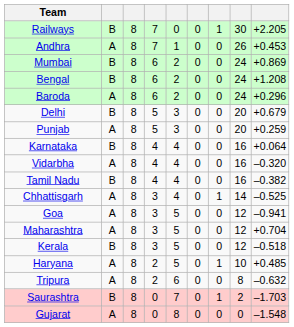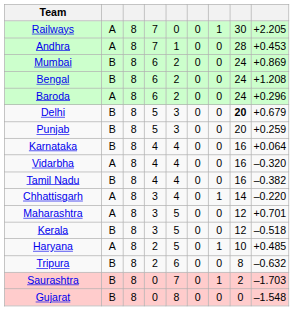 <table class="wikitable" style="text-align:center">
 <tr>
 <th style="width:140px;">Team</th>
 <th style="width:25px;"></th>
 <th style="width:25px;"></th>
 <th style="width:25px;"></th>
 <th style="width:25px;"></th>
 <th style="width:25px;"></th>
 <th style="width:25px;"></th>
 <th style="width:25px;"></th>
 <th style="width:40px;"></th>
 </tr>
 <tr style="background:#cfc;">
 <td><a href='#'>Railways</a></td>
-<td>B</td>
+<td>A</td>
 <td>8</td>
 <td>7</td>
 <td>0</td>
 <td>0</td>
 <td>1</td>
 <td>30</td>
 <td>+2.205</td>
 </tr>
 <tr style="background:#cfc;">
 <td><a href='#'>Andhra</a></td>
 <td>A</td>
 <td>8</td>
 <td>7</td>
 <td>1</td>
 <td>0</td>
 <td>0</td>
-<td>26</td>
+<td>28</td>
 <td>+0.453</td>
 </tr>
 <tr style="background:#cfc;">
 <td><a href='#'>Mumbai</a></td>
 <td>B</td>
 <td>8</td>
 <td>6</td>
 <td>2</td>
 <td>0</td>
 <td>0</td>
 <td>24</td>
 <td>+0.869</td>
 </tr>
 <tr style="background:#cfc;">
 <td><a href='#'>Bengal</a></td>
 <td>B</td>
 <td>8</td>
 <td>6</td>
 <td>2</td>
 <td>0</td>
 <td>0</td>
 <td>24</td>
 <td>+1.208</td>
 </tr>
 <tr style="background:#cfc;">
 <td><a href='#'>Baroda</a></td>
 <td>A</td>
 <td>8</td>
 <td>6</td>
 <td>2</td>
 <td>0</td>
 <td>0</td>
 <td>24</td>
 <td>+0.296</td>
 </tr>
 <tr>
 <td><a href='#'>Delhi</a></td>
 <td>B</td>
 <td>8</td>
 <td>5</td>
 <td>3</td>
 <td>0</td>
 <td>0</td>
-<td>20</td>
+<td><strong>20</strong></td>
 <td>+0.679</td>
 </tr>
 <tr>
 <td><a href='#'>Punjab</a></td>
-<td>A</td>
+<td>B</td>
 <td>8</td>
 <td>5</td>
 <td>3</td>
 <td>0</td>
 <td>0</td>
 <td>20</td>
 <td>+0.259</td>
 </tr>
 <tr>
 <td><a href='#'>Karnataka</a></td>
 <td>B</td>
 <td>8</td>
 <td>4</td>
 <td>4</td>
 <td>0</td>
 <td>0</td>
 <td>16</td>
 <td>+0.064</td>
 </tr>
 <tr>
 <td><a href='#'>Vidarbha</a></td>
 <td>A</td>
 <td>8</td>
 <td>4</td>
 <td>4</td>
 <td>0</td>
 <td>0</td>
 <td>16</td>
 <td>–0.320</td>
 </tr>
 <tr>
 <td><a href='#'>Tamil Nadu</a></td>
 <td>B</td>
 <td>8</td>
 <td>4</td>
 <td>4</td>
 <td>0</td>
 <td>0</td>
 <td>16</td>
 <td>–0.382</td>
 </tr>
 <tr>
 <td><a href='#'>Chhattisgarh</a></td>
 <td>A</td>
 <td>8</td>
 <td>3</td>
 <td>4</td>
 <td>0</td>
 <td>1</td>
 <td>14</td>
-<td>–0.525</td>
-</tr>
-<tr>
-<td><a href='#'>Goa</a></td>
-<td>A</td>
-<td>8</td>
-<td>3</td>
-<td>5</td>
-<td>0</td>
-<td>0</td>
-<td>12</td>
-<td>–0.941</td>
+<td>–0.220</td>
 </tr>
 <tr>
 <td><a href='#'>Maharashtra</a></td>
 <td>A</td>
 <td>8</td>
 <td>3</td>
 <td>5</td>
 <td>0</td>
 <td>0</td>
 <td>12</td>
-<td>+0.704</td>
+<td>+0.701</td>
 </tr>
 <tr>
 <td><a href='#'>Kerala</a></td>
 <td>B</td>
 <td>8</td>
 <td>3</td>
 <td>5</td>
 <td>0</td>
 <td>0</td>
 <td>12</td>
 <td>–0.518</td>
 </tr>
 <tr>
 <td><a href='#'>Haryana</a></td>
 <td>A</td>
 <td>8</td>
 <td>2</td>
 <td>5</td>
 <td>0</td>
 <td>1</td>
 <td>10</td>
 <td>+0.485</td>
 </tr>
 <tr>
 <td><a href='#'>Tripura</a></td>
-<td>A</td>
+<td>B</td>
 <td>8</td>
 <td>2</td>
 <td>6</td>
 <td>0</td>
 <td>0</td>
 <td>8</td>
 <td>–0.632</td>
 </tr>
 <tr style="background:#fcc">
 <td><a href='#'>Saurashtra</a></td>
 <td>B</td>
 <td>8</td>
 <td>0</td>
 <td>7</td>
 <td>0</td>
 <td>1</td>
 <td>2</td>
 <td>–1.703</td>
 </tr>
 <tr style="background:#fcc">
 <td><a href='#'>Gujarat</a></td>
-<td>A</td>
+<td>B</td>
 <td>8</td>
 <td>0</td>
 <td>8</td>
 <td>0</td>
 <td>0</td>
 <td>0</td>
 <td>–1.548</td>
 </tr>
 </table>
